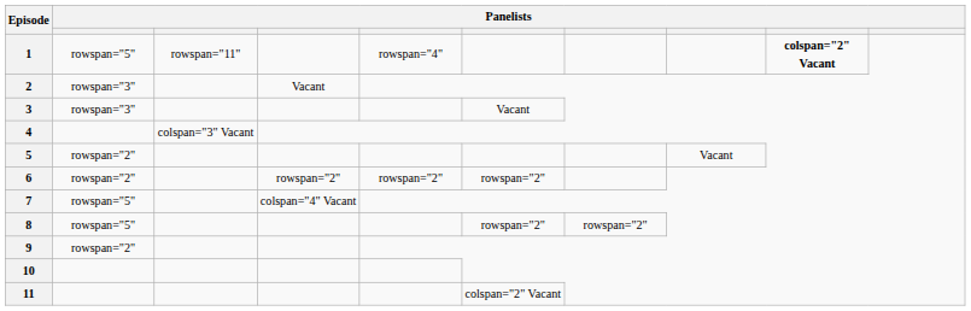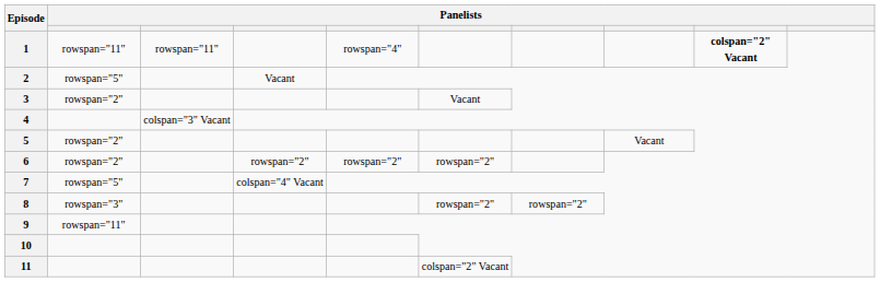 <table class="wikitable plainrowheaders mw-collapsible" style="text-align:center; line-height:23px; width:100%;">
 <tr>
 <th rowspan="2" width="1%">Episode</th>
 <th colspan="9">Panelists</th>
 </tr>
 <tr>
 <th width="11%"></th>
 <th width="11%"></th>
 <th width="11%"></th>
 <th width="11%"></th>
 <th width="11%"></th>
 <th width="11%"></th>
 <th width="11%"></th>
 <th width="11%"></th>
 <th width="11%"></th>
 </tr>
 <tr>
 <th>1</th>
-<td>rowspan="5" </td>
+<td>rowspan="11" </td>
 <td>rowspan="11" </td>
 <td></td>
 <td>rowspan="4" </td>
 <td></td>
 <td></td>
 <td></td>
 <td><strong>colspan="2"  Vacant</strong></td>
 </tr>
 <tr>
 <th>2</th>
-<td>rowspan="3" </td>
+<td>rowspan="5" </td>
 <td></td>
 <td> Vacant</td>
 </tr>
 <tr>
 <th>3</th>
-<td>rowspan="3" </td>
+<td>rowspan="2" </td>
 <td></td>
 <td></td>
 <td></td>
 <td> Vacant</td>
 </tr>
 <tr>
 <th>4</th>
 <td></td>
 <td>colspan="3"  Vacant</td>
 </tr>
 <tr>
 <th>5</th>
 <td>rowspan="2" </td>
 <td></td>
 <td></td>
 <td></td>
 <td></td>
 <td></td>
 <td> Vacant</td>
 </tr>
 <tr>
 <th>6</th>
 <td>rowspan="2" </td>
 <td></td>
 <td>rowspan="2" </td>
 <td>rowspan="2" </td>
 <td>rowspan="2" </td>
 <td></td>
 </tr>
 <tr>
 <th>7</th>
 <td>rowspan="5" </td>
 <td></td>
 <td>colspan="4"  Vacant</td>
 </tr>
 <tr>
 <th>8</th>
-<td>rowspan="5" </td>
+<td>rowspan="3" </td>
 <td></td>
 <td></td>
 <td></td>
 <td>rowspan="2" </td>
 <td>rowspan="2" </td>
 </tr>
 <tr>
 <th>9</th>
-<td>rowspan="2" </td>
+<td>rowspan="11" </td>
 <td></td>
 <td></td>
 </tr>
 <tr>
 <th>10</th>
 <td></td>
 <td></td>
 <td></td>
 <td></td>
 </tr>
 <tr>
 <th>11</th>
 <td></td>
 <td></td>
 <td></td>
 <td></td>
 <td>colspan="2"  Vacant</td>
 </tr>
 </table>
